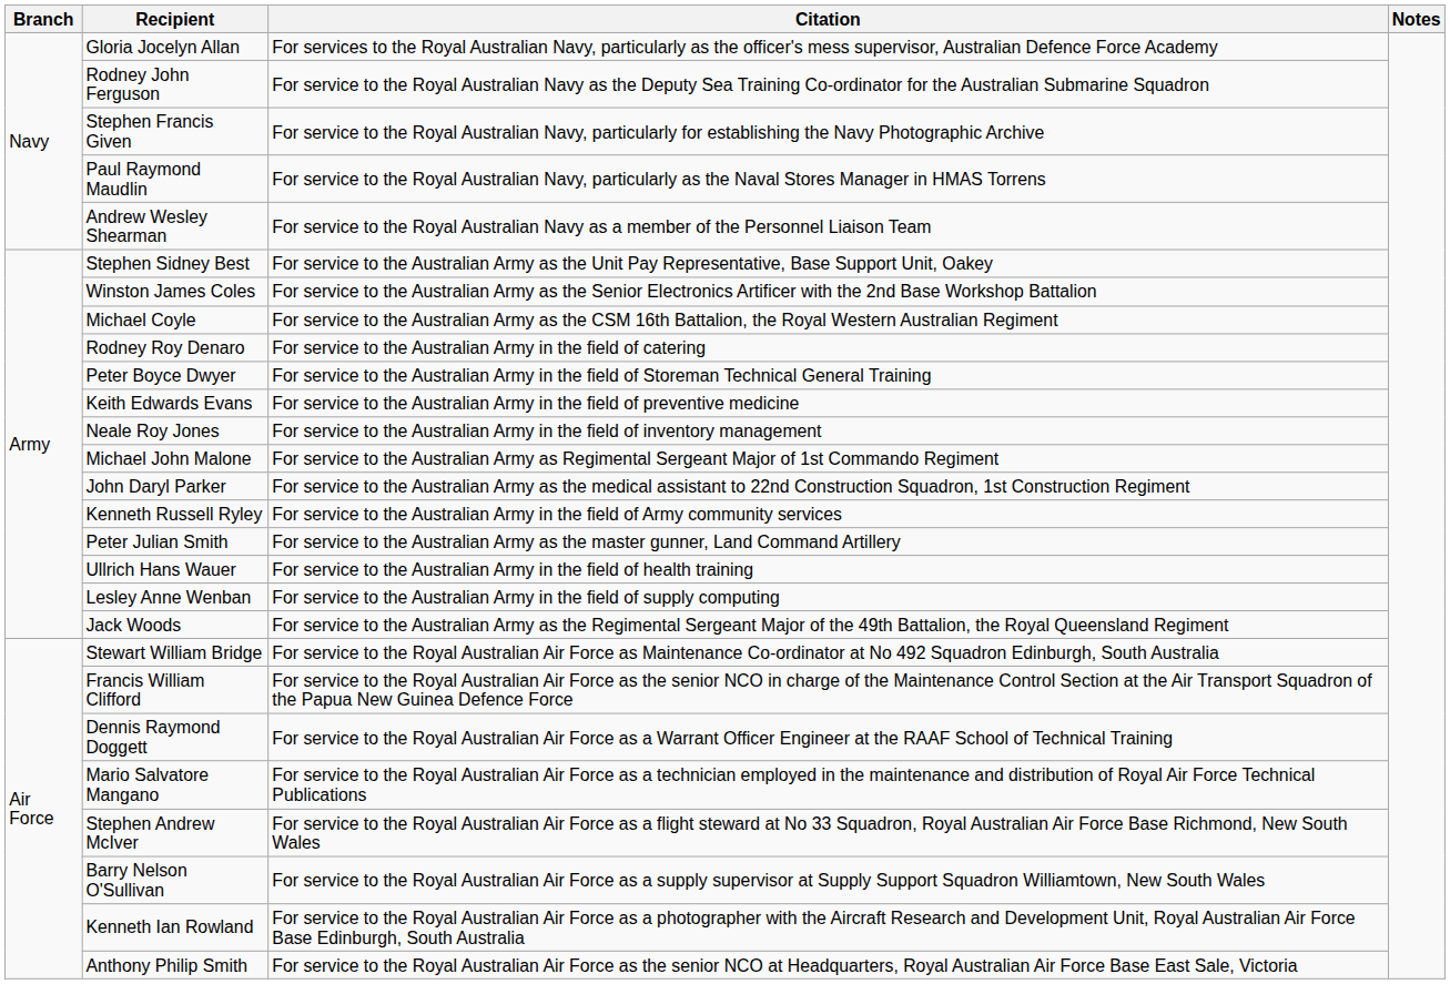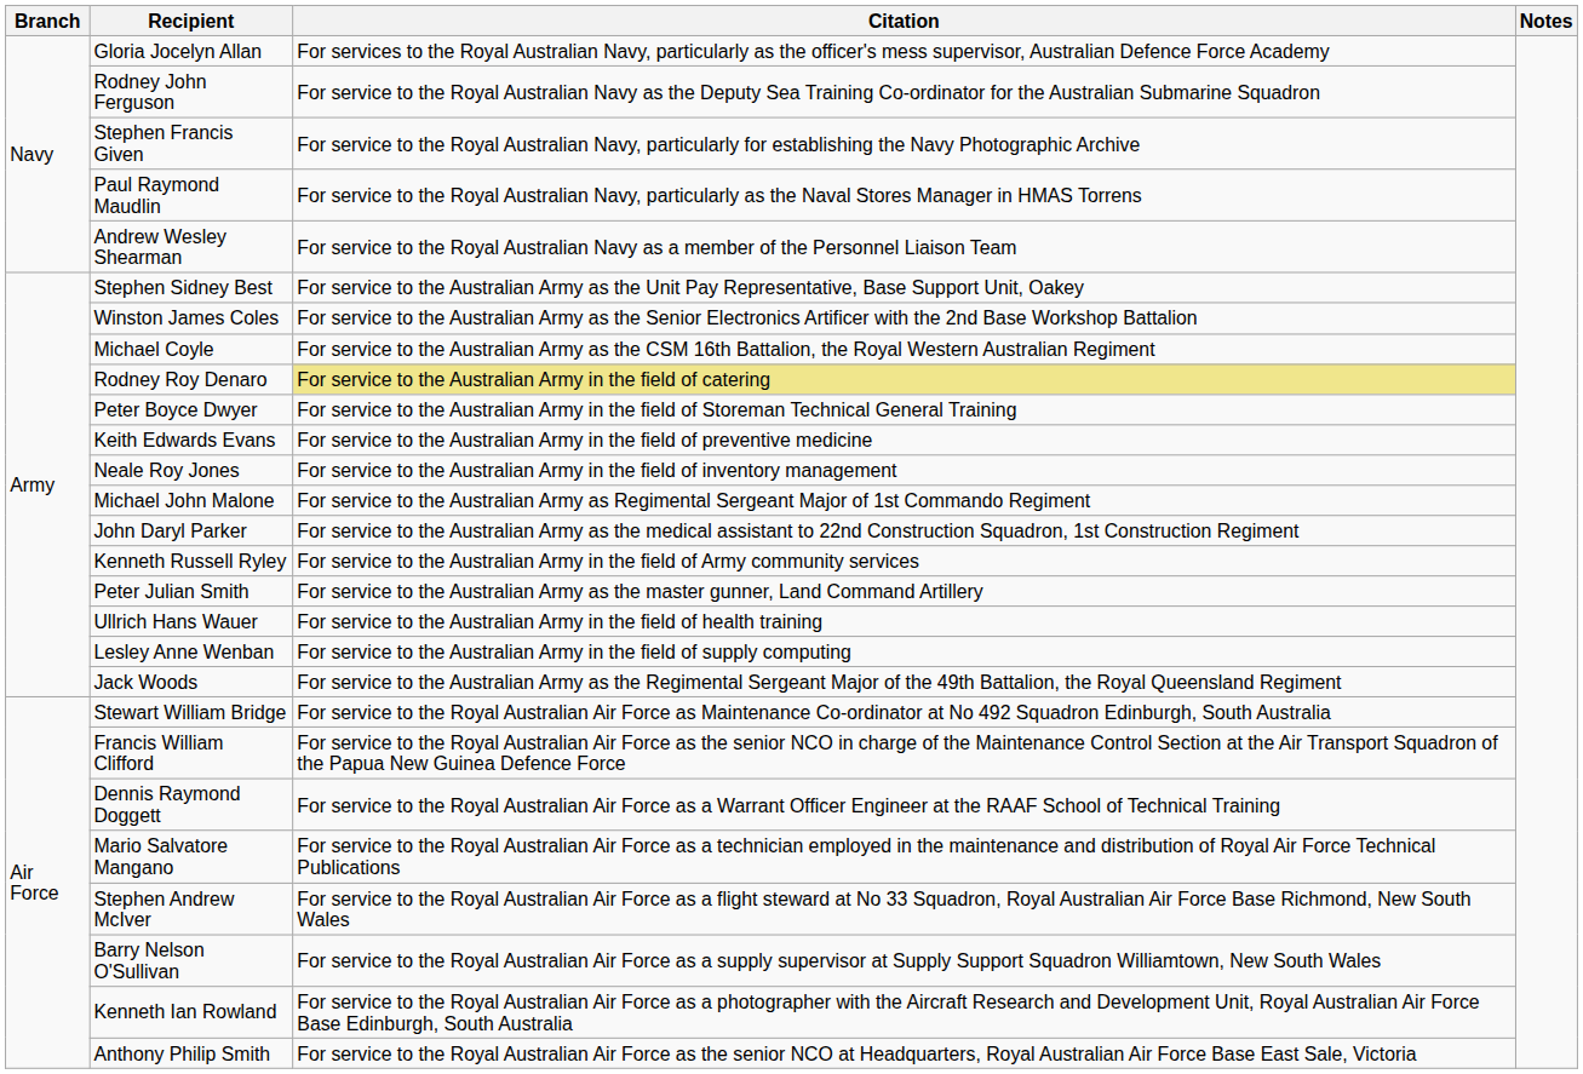 <table class="wikitable" style="font-size:95%;">
 <tr>
 <th>Branch</th>
 <th>Recipient</th>
 <th>Citation</th>
 <th>Notes</th>
 </tr>
 <tr>
 <td rowspan=5>Navy</td>
 <td> Gloria Jocelyn Allan</td>
 <td>For services to the Royal Australian Navy, particularly as the officer's mess supervisor, Australian Defence Force Academy</td>
 <td rowspan=50></td>
 </tr>
 <tr>
 <td> Rodney John Ferguson</td>
 <td>For service to the Royal Australian Navy as the Deputy Sea Training Co-ordinator for the Australian Submarine Squadron</td>
 </tr>
 <tr>
 <td> Stephen Francis Given</td>
 <td>For service to the Royal Australian Navy, particularly for establishing the Navy Photographic Archive</td>
 </tr>
 <tr>
 <td> Paul Raymond Maudlin</td>
 <td>For service to the Royal Australian Navy, particularly as the Naval Stores Manager in HMAS Torrens</td>
 </tr>
 <tr>
 <td> Andrew Wesley Shearman</td>
 <td>For service to the Royal Australian Navy as a member of the Personnel Liaison Team</td>
 </tr>
 <tr>
 <td rowspan=14>Army</td>
 <td> Stephen Sidney Best</td>
 <td>For service to the Australian Army as the Unit Pay Representative, Base Support Unit, Oakey</td>
 </tr>
 <tr>
 <td> Winston James Coles</td>
 <td>For service to the Australian Army as the Senior Electronics Artificer with the 2nd Base Workshop Battalion</td>
 </tr>
 <tr>
 <td> Michael Coyle</td>
 <td>For service to the Australian Army as the CSM 16th Battalion, the Royal Western Australian Regiment</td>
 </tr>
 <tr>
 <td> Rodney Roy Denaro</td>
-<td>For service to the Australian Army in the field of catering</td>
+<td style="background: khaki;">For service to the Australian Army in the field of catering</td>
 </tr>
 <tr>
 <td> Peter Boyce Dwyer</td>
 <td>For service to the Australian Army in the field of Storeman Technical General Training</td>
 </tr>
 <tr>
 <td> Keith Edwards Evans</td>
 <td>For service to the Australian Army in the field of preventive medicine</td>
 </tr>
 <tr>
 <td> Neale Roy Jones</td>
 <td>For service to the Australian Army in the field of inventory management</td>
 </tr>
 <tr>
 <td> Michael John Malone</td>
 <td>For service to the Australian Army as Regimental Sergeant Major of 1st Commando Regiment</td>
 </tr>
 <tr>
 <td> John Daryl Parker</td>
 <td>For service to the Australian Army as the medical assistant to 22nd Construction Squadron, 1st Construction Regiment</td>
 </tr>
 <tr>
 <td> Kenneth Russell Ryley</td>
 <td>For service to the Australian Army in the field of Army community services</td>
 </tr>
 <tr>
 <td> Peter Julian Smith</td>
 <td>For service to the Australian Army as the master gunner, Land Command Artillery</td>
 </tr>
 <tr>
 <td> Ullrich Hans Wauer</td>
 <td>For service to the Australian Army in the field of health training</td>
 </tr>
 <tr>
 <td> Lesley Anne Wenban</td>
 <td>For service to the Australian Army in the field of supply computing</td>
 </tr>
 <tr>
 <td> Jack Woods </td>
 <td>For service to the Australian Army as the Regimental Sergeant Major of the 49th Battalion, the Royal Queensland Regiment</td>
 </tr>
 <tr>
 <td rowspan=8>Air Force</td>
 <td> Stewart William Bridge</td>
 <td>For service to the Royal Australian Air Force as Maintenance Co-ordinator at No 492 Squadron Edinburgh, South Australia</td>
 </tr>
 <tr>
 <td> Francis William Clifford</td>
 <td>For service to the Royal Australian Air Force as the senior NCO in charge of the Maintenance Control Section at the Air Transport Squadron of the Papua New Guinea Defence Force</td>
 </tr>
 <tr>
 <td> Dennis Raymond Doggett</td>
 <td>For service to the Royal Australian Air Force as a Warrant Officer Engineer at the RAAF School of Technical Training</td>
 </tr>
 <tr>
 <td> Mario Salvatore Mangano</td>
 <td>For service to the Royal Australian Air Force as a technician employed in the maintenance and distribution of Royal Air Force Technical Publications</td>
 </tr>
 <tr>
 <td> Stephen Andrew McIver</td>
 <td>For service to the Royal Australian Air Force as a flight steward at No 33 Squadron, Royal Australian Air Force Base Richmond, New South Wales</td>
 </tr>
 <tr>
 <td> Barry Nelson O'Sullivan</td>
 <td>For service to the Royal Australian Air Force as a supply supervisor at Supply Support Squadron Williamtown, New South Wales</td>
 </tr>
 <tr>
 <td> Kenneth Ian Rowland</td>
 <td>For service to the Royal Australian Air Force as a photographer with the Aircraft Research and Development Unit, Royal Australian Air Force Base Edinburgh, South Australia</td>
 </tr>
 <tr>
 <td> Anthony Philip Smith</td>
 <td>For service to the Royal Australian Air Force as the senior NCO at Headquarters, Royal Australian Air Force Base East Sale, Victoria</td>
 </tr>
 </table>
